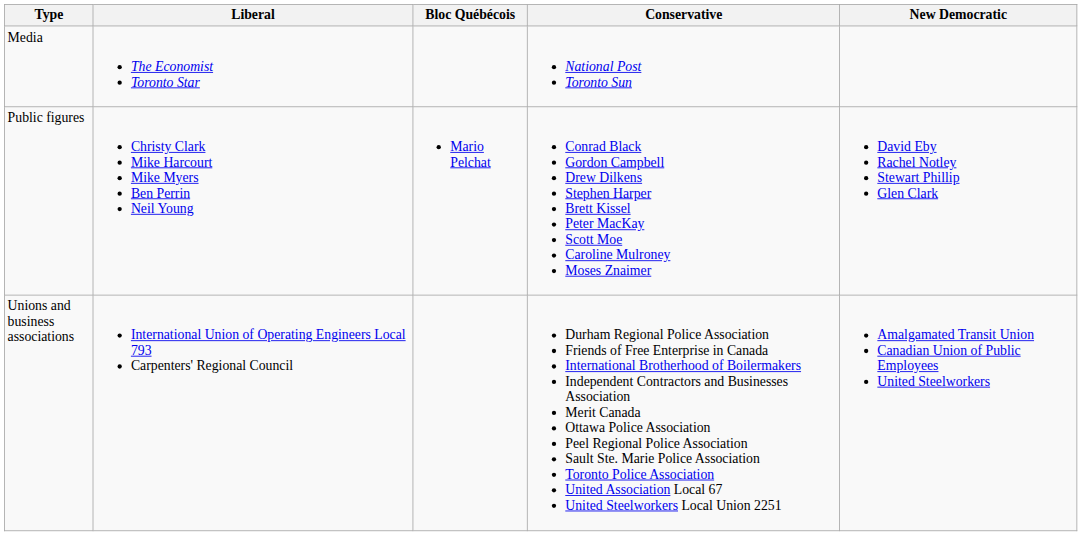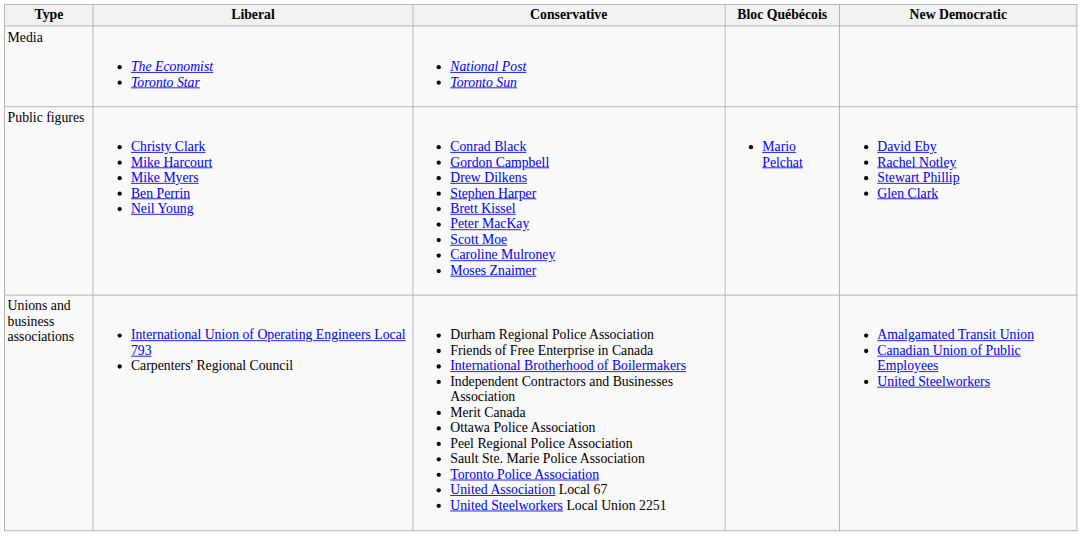 <table class="wikitable">
 <tr>
 <th style="width:6em;">Type</th>
 <th style="background-color:">Liberal</th>
+<th style="background-color:">Conservative</th>
 <th style="background-color:">Bloc Québécois</th>
-<th style="background-color:">Conservative</th>
 <th style="background-color:">New Democratic</th>
 </tr>
 <tr valign="top">
 <td>Media</td>
 <td><br><ul><li><em><a href='#'>The Economist</a></em></li><li><em><a href='#'>Toronto Star</a></em></li></ul></td>
+<td><br><ul><li><em><a href='#'>National Post</a></em></li><li><em><a href='#'>Toronto Sun</a></em></li></ul></td>
 <td></td>
-<td><br><ul><li><em><a href='#'>National Post</a></em></li><li><em><a href='#'>Toronto Sun</a></em></li></ul></td>
 <td></td>
 </tr>
 <tr valign="top">
 <td>Public figures</td>
 <td><br><ul><li><a href='#'>Christy Clark</a></li><li><a href='#'>Mike Harcourt</a></li><li><a href='#'>Mike Myers</a></li><li><a href='#'>Ben Perrin</a></li><li><a href='#'>Neil Young</a></li></ul></td>
+<td><br><ul><li><a href='#'>Conrad Black</a></li><li><a href='#'>Gordon Campbell</a></li><li><a href='#'>Drew Dilkens</a></li><li><a href='#'>Stephen Harper</a></li><li><a href='#'>Brett Kissel</a></li><li><a href='#'>Peter MacKay</a></li><li><a href='#'>Scott Moe</a></li><li><a href='#'>Caroline Mulroney</a></li><li><a href='#'>Moses Znaimer</a></li></ul></td>
 <td><br><ul><li><a href='#'>Mario Pelchat</a></li></ul></td>
-<td><br><ul><li><a href='#'>Conrad Black</a></li><li><a href='#'>Gordon Campbell</a></li><li><a href='#'>Drew Dilkens</a></li><li><a href='#'>Stephen Harper</a></li><li><a href='#'>Brett Kissel</a></li><li><a href='#'>Peter MacKay</a></li><li><a href='#'>Scott Moe</a></li><li><a href='#'>Caroline Mulroney</a></li><li><a href='#'>Moses Znaimer</a></li></ul></td>
 <td><br><ul><li><a href='#'>David Eby</a></li><li><a href='#'>Rachel Notley</a></li><li><a href='#'>Stewart Phillip</a></li><li><a href='#'>Glen Clark</a></li></ul></td>
 </tr>
 <tr valign="top">
 <td>Unions and business associations</td>
 <td><br><ul><li><a href='#'>International Union of Operating Engineers Local 793</a></li><li>Carpenters' Regional Council </li></ul></td>
+<td><br><ul><li>Durham Regional Police Association</li><li>Friends of Free Enterprise in Canada</li><li><a href='#'>International Brotherhood of Boilermakers</a></li><li>Independent Contractors and Businesses Association</li><li>Merit Canada</li><li>Ottawa Police Association</li><li>Peel Regional Police Association</li><li>Sault Ste. Marie Police Association</li><li><a href='#'>Toronto Police Association</a></li><li><a href='#'>United Association</a> Local 67</li><li><a href='#'>United Steelworkers</a> Local Union 2251</li></ul></td>
 <td></td>
-<td><br><ul><li>Durham Regional Police Association</li><li>Friends of Free Enterprise in Canada</li><li><a href='#'>International Brotherhood of Boilermakers</a></li><li>Independent Contractors and Businesses Association</li><li>Merit Canada</li><li>Ottawa Police Association</li><li>Peel Regional Police Association</li><li>Sault Ste. Marie Police Association</li><li><a href='#'>Toronto Police Association</a></li><li><a href='#'>United Association</a> Local 67</li><li><a href='#'>United Steelworkers</a> Local Union 2251</li></ul></td>
 <td><br><ul><li><a href='#'>Amalgamated Transit Union</a></li><li><a href='#'>Canadian Union of Public Employees</a></li><li><a href='#'>United Steelworkers</a></li></ul></td>
 </tr>
 </table>
